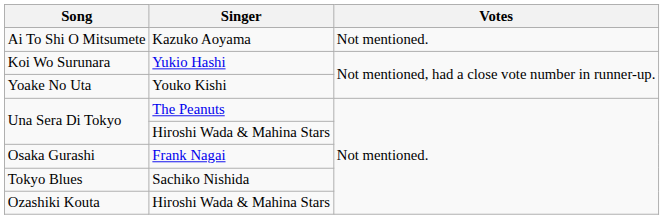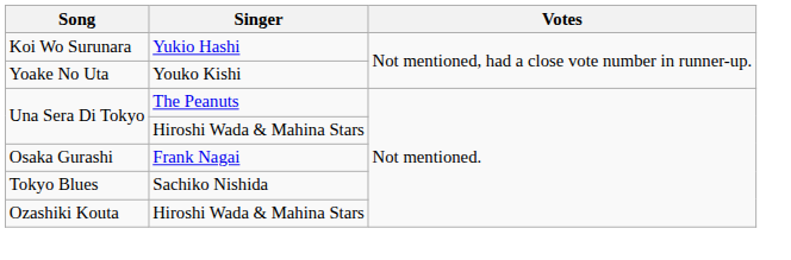 <table class="wikitable">
 <tr>
 <th>Song</th>
 <th>Singer</th>
 <th>Votes</th>
-</tr>
-<tr>
-<td>Ai To Shi O Mitsumete</td>
-<td>Kazuko Aoyama</td>
-<td>Not mentioned.</td>
 </tr>
 <tr>
 <td>Koi Wo Surunara</td>
 <td><a href='#'>Yukio Hashi</a></td>
 <td rowspan=2>Not mentioned, had a close vote number in runner-up.</td>
 </tr>
 <tr>
 <td>Yoake No Uta</td>
 <td>Youko Kishi</td>
 </tr>
 <tr>
 <td rowspan=2>Una Sera Di Tokyo</td>
 <td><a href='#'>The Peanuts</a></td>
 <td rowspan=5>Not mentioned.</td>
 </tr>
 <tr>
 <td>Hiroshi Wada & Mahina Stars</td>
 </tr>
 <tr>
 <td>Osaka Gurashi</td>
 <td><a href='#'>Frank Nagai</a></td>
 </tr>
 <tr>
 <td>Tokyo Blues</td>
 <td>Sachiko Nishida</td>
 </tr>
 <tr>
 <td>Ozashiki Kouta</td>
 <td>Hiroshi Wada & Mahina Stars</td>
 </tr>
 </table>
